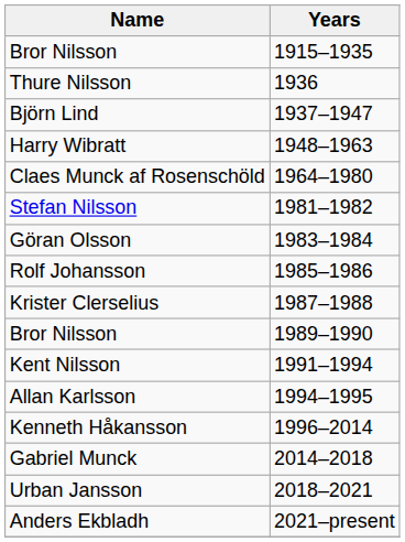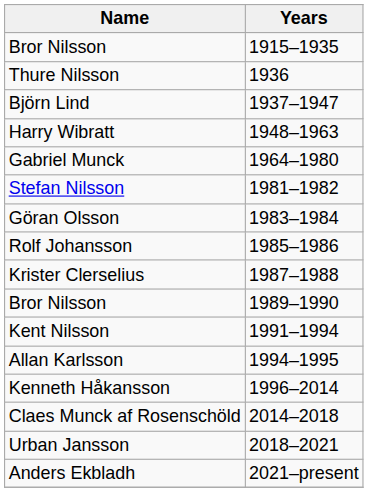 <table class="wikitable sortable">
 <tr style="text-align:center; background:#f0f0f0;">
 <td><strong>Name</strong></td>
 <td><strong>Years</strong></td>
 </tr>
 <tr>
 <td>Bror Nilsson</td>
 <td>1915–1935</td>
 </tr>
 <tr>
 <td>Thure Nilsson</td>
 <td>1936</td>
 </tr>
 <tr>
 <td>Björn Lind</td>
 <td>1937–1947</td>
 </tr>
 <tr>
 <td>Harry Wibratt</td>
 <td>1948–1963</td>
 </tr>
 <tr>
-<td>Claes Munck af Rosenschöld</td>
+<td>Gabriel Munck</td>
 <td>1964–1980</td>
 </tr>
 <tr>
 <td><a href='#'>Stefan Nilsson</a></td>
 <td>1981–1982</td>
 </tr>
 <tr>
 <td>Göran Olsson</td>
 <td>1983–1984</td>
 </tr>
 <tr>
 <td>Rolf Johansson</td>
 <td>1985–1986</td>
 </tr>
 <tr>
 <td>Krister Clerselius</td>
 <td>1987–1988</td>
 </tr>
 <tr>
 <td>Bror Nilsson</td>
 <td>1989–1990</td>
 </tr>
 <tr>
 <td>Kent Nilsson</td>
 <td>1991–1994</td>
 </tr>
 <tr>
 <td>Allan Karlsson</td>
 <td>1994–1995</td>
 </tr>
 <tr>
 <td>Kenneth Håkansson</td>
 <td>1996–2014</td>
 </tr>
 <tr>
-<td>Gabriel Munck</td>
+<td>Claes Munck af Rosenschöld</td>
 <td>2014–2018</td>
 </tr>
 <tr>
 <td>Urban Jansson</td>
 <td>2018–2021</td>
 </tr>
 <tr>
 <td>Anders Ekbladh</td>
 <td>2021–present</td>
 </tr>
 <tr>
 </tr>
 </table>
